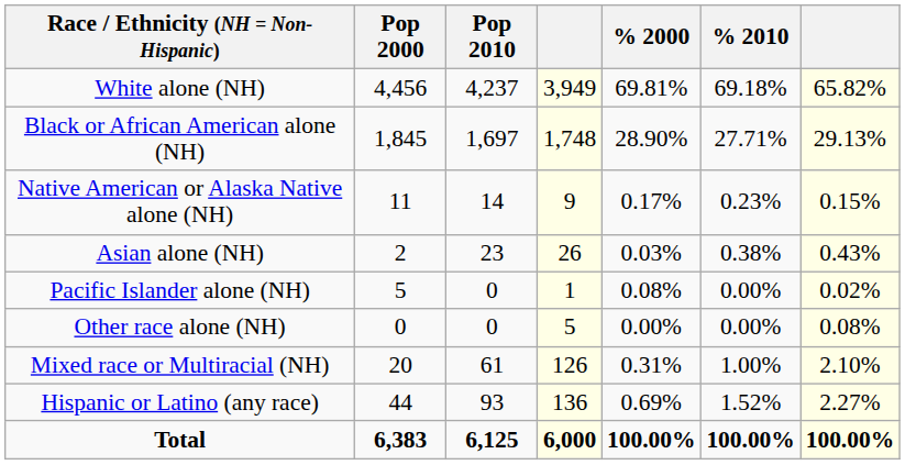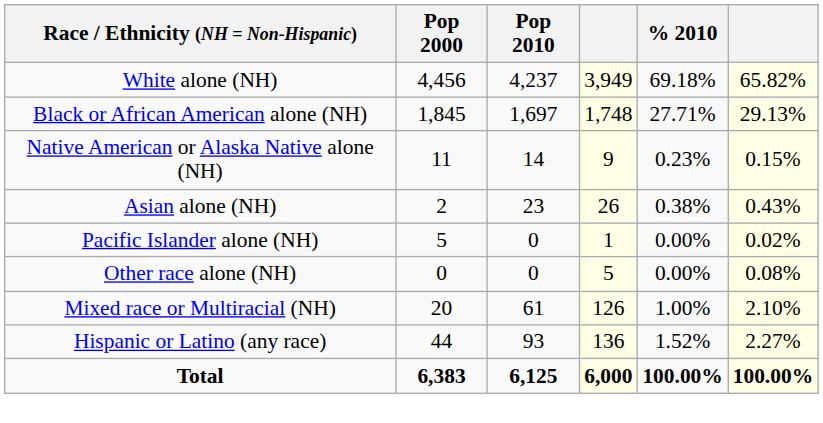 <table class="wikitable" style="text-align:center;">
 <tr>
 <th>Race / Ethnicity <small>(<em>NH = Non-Hispanic</em>)</small></th>
 <th>Pop 2000</th>
 <th>Pop 2010</th>
 <th></th>
-<th>% 2000</th>
 <th>% 2010</th>
 <th></th>
 </tr>
 <tr>
 <td><a href='#'>White</a> alone (NH)</td>
 <td>4,456</td>
 <td>4,237</td>
 <td style='background: #ffffe6;'>3,949</td>
-<td>69.81%</td>
 <td>69.18%</td>
 <td style='background: #ffffe6;'>65.82%</td>
 </tr>
 <tr>
 <td><a href='#'>Black or African American</a> alone (NH)</td>
 <td>1,845</td>
 <td>1,697</td>
 <td style='background: #ffffe6;'>1,748</td>
-<td>28.90%</td>
 <td>27.71%</td>
 <td style='background: #ffffe6;'>29.13%</td>
 </tr>
 <tr>
 <td><a href='#'>Native American</a> or <a href='#'>Alaska Native</a> alone (NH)</td>
 <td>11</td>
 <td>14</td>
 <td style='background: #ffffe6;'>9</td>
-<td>0.17%</td>
 <td>0.23%</td>
 <td style='background: #ffffe6;'>0.15%</td>
 </tr>
 <tr>
 <td><a href='#'>Asian</a> alone (NH)</td>
 <td>2</td>
 <td>23</td>
 <td style='background: #ffffe6;'>26</td>
-<td>0.03%</td>
 <td>0.38%</td>
 <td style='background: #ffffe6;'>0.43%</td>
 </tr>
 <tr>
 <td><a href='#'>Pacific Islander</a> alone (NH)</td>
 <td>5</td>
 <td>0</td>
 <td style='background: #ffffe6;'>1</td>
-<td>0.08%</td>
 <td>0.00%</td>
 <td style='background: #ffffe6;'>0.02%</td>
 </tr>
 <tr>
 <td><a href='#'>Other race</a> alone (NH)</td>
 <td>0</td>
 <td>0</td>
 <td style='background: #ffffe6;'>5</td>
 <td>0.00%</td>
-<td>0.00%</td>
 <td style='background: #ffffe6;'>0.08%</td>
 </tr>
 <tr>
 <td><a href='#'>Mixed race or Multiracial</a> (NH)</td>
 <td>20</td>
 <td>61</td>
 <td style='background: #ffffe6;'>126</td>
-<td>0.31%</td>
 <td>1.00%</td>
 <td style='background: #ffffe6;'>2.10%</td>
 </tr>
 <tr>
 <td><a href='#'>Hispanic or Latino</a> (any race)</td>
 <td>44</td>
 <td>93</td>
 <td style='background: #ffffe6;'>136</td>
-<td>0.69%</td>
 <td>1.52%</td>
 <td style='background: #ffffe6;'>2.27%</td>
 </tr>
 <tr>
 <td><strong>Total</strong></td>
 <td><strong>6,383</strong></td>
 <td><strong>6,125</strong></td>
 <td style='background: #ffffe6;'><strong>6,000</strong></td>
 <td><strong>100.00%</strong></td>
-<td><strong>100.00%</strong></td>
 <td style='background: #ffffe6;'><strong>100.00%</strong></td>
 </tr>
 </table>
